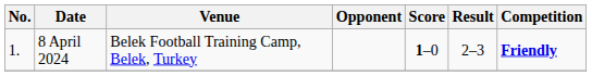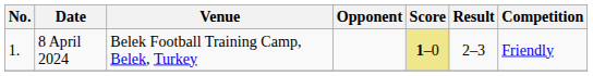 <table class="wikitable">
 <tr>
 <th>No.</th>
 <th>Date</th>
 <th>Venue</th>
 <th>Opponent</th>
 <th>Score</th>
 <th>Result</th>
 <th>Competition</th>
 </tr>
 <tr>
 <td>1.</td>
 <td>8 April 2024</td>
 <td>Belek Football Training Camp, <a href='#'>Belek</a>, <a href='#'>Turkey</a></td>
 <td></td>
-<td align=center><strong>1</strong>–0</td>
+<td align=center style="background: khaki;"><strong>1</strong>–0</td>
 <td align=center>2–3</td>
-<td><strong><a href='#'>Friendly</a></strong></td>
+<td><a href='#'>Friendly</a></td>
 </tr>
 <tr>
 </tr>
 </table>
